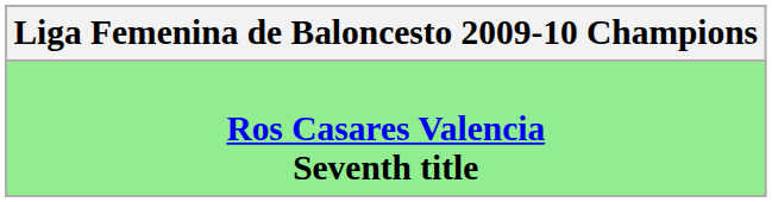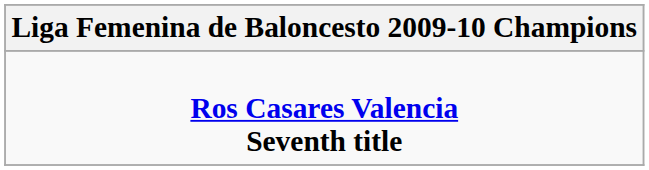 <table class=wikitable style="text-align:center; margin:auto">
 <tr>
 <th>Liga Femenina de Baloncesto 2009-10 Champions</th>
 </tr>
 <tr>
-<td style="background: lightgreen;"> <br>  <strong><a href='#'>Ros Casares Valencia</a></strong> <br> <strong>Seventh title</strong></td>
+<td> <br>  <strong><a href='#'>Ros Casares Valencia</a></strong> <br> <strong>Seventh title</strong></td>
 </tr>
 </table>
